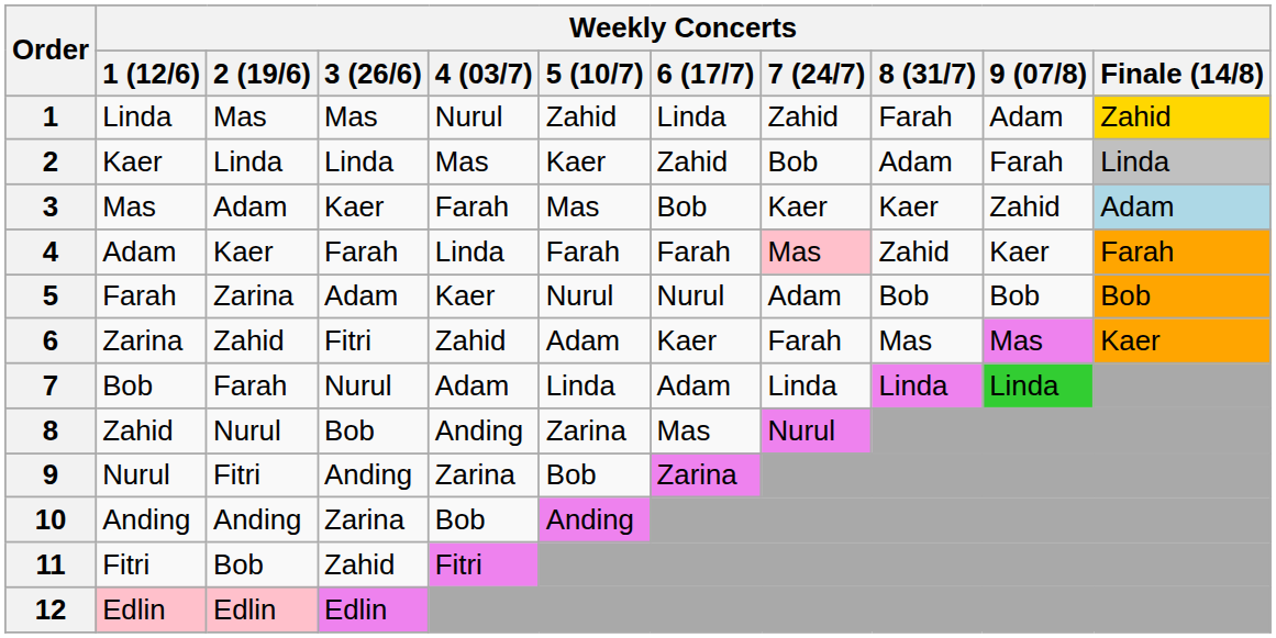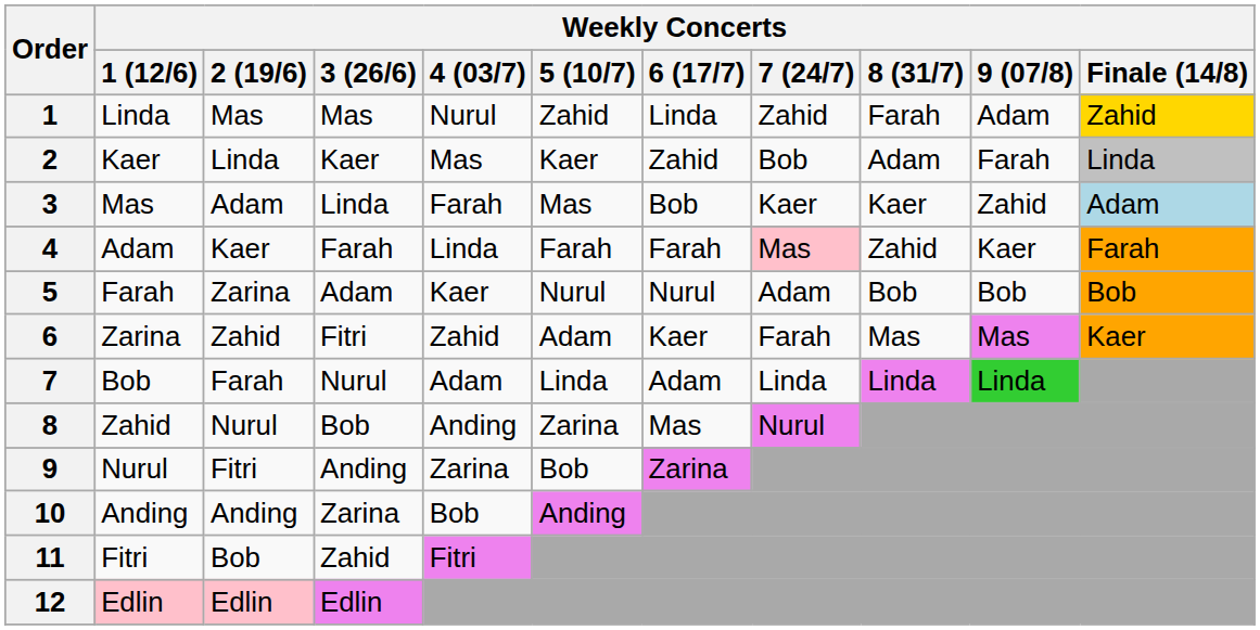 <table class="wikitable" style="font-size:90%;">
 <tr>
 <th rowspan="2">Order</th>
 <th colspan="11">Weekly Concerts</th>
 </tr>
 <tr>
 <th>1 (12/6)</th>
 <th>2 (19/6)</th>
 <th>3 (26/6)</th>
 <th>4 (03/7)</th>
 <th>5 (10/7)</th>
 <th>6 (17/7)</th>
 <th>7 (24/7)</th>
 <th>8 (31/7)</th>
 <th>9 (07/8)</th>
 <th>Finale (14/8)</th>
 </tr>
 <tr>
 <th>1</th>
 <td>Linda</td>
 <td>Mas</td>
 <td>Mas</td>
 <td>Nurul</td>
 <td>Zahid</td>
 <td>Linda</td>
 <td>Zahid</td>
 <td>Farah</td>
 <td>Adam</td>
 <td Adira bgcolor="gold">Zahid</td>
 </tr>
 <tr>
 <th>2</th>
 <td>Kaer</td>
 <td>Linda</td>
-<td>Linda</td>
+<td>Kaer</td>
 <td>Mas</td>
 <td>Kaer</td>
 <td>Zahid</td>
 <td>Bob</td>
 <td>Adam</td>
 <td>Farah</td>
 <td bgcolor="silver">Linda</td>
 </tr>
 <tr>
 <th>3</th>
 <td>Mas</td>
 <td>Adam</td>
-<td>Kaer</td>
+<td>Linda</td>
 <td>Farah</td>
 <td>Mas</td>
 <td>Bob</td>
 <td>Kaer</td>
 <td>Kaer</td>
 <td>Zahid</td>
 <td bgcolor="lightblue">Adam</td>
 </tr>
 <tr>
 <th>4</th>
 <td>Adam</td>
 <td>Kaer</td>
 <td>Farah</td>
 <td>Linda</td>
 <td>Farah</td>
 <td>Farah</td>
 <td style="background: pink;">Mas</td>
 <td>Zahid</td>
 <td>Kaer</td>
 <td bgcolor="orange">Farah</td>
 </tr>
 <tr>
 <th>5</th>
 <td>Farah</td>
 <td>Zarina</td>
 <td>Adam</td>
 <td>Kaer</td>
 <td>Nurul</td>
 <td>Nurul</td>
 <td>Adam</td>
 <td>Bob</td>
 <td>Bob</td>
 <td bgcolor="orange">Bob</td>
 </tr>
 <tr>
 <th>6</th>
 <td>Zarina</td>
 <td>Zahid</td>
 <td>Fitri</td>
 <td>Zahid</td>
 <td>Adam</td>
 <td>Kaer</td>
 <td>Farah</td>
 <td>Mas</td>
 <td bgcolor="violet">Mas</td>
 <td bgcolor="orange">Kaer</td>
 </tr>
 <tr>
 <th>7</th>
 <td>Bob</td>
 <td>Farah</td>
 <td>Nurul</td>
 <td>Adam</td>
 <td>Linda</td>
 <td>Adam</td>
 <td>Linda</td>
 <td bgcolor="violet">Linda</td>
 <td bgcolor="limegreen">Linda</td>
 <td bgcolor="darkgray" colspan=5></td>
 </tr>
 <tr>
 <th>8</th>
 <td>Zahid</td>
 <td>Nurul</td>
 <td>Bob</td>
 <td>Anding</td>
 <td>Zarina</td>
 <td>Mas</td>
 <td bgcolor="violet">Nurul</td>
 <td bgcolor="darkgray" colspan=6></td>
 </tr>
 <tr>
 <th>9</th>
 <td>Nurul</td>
 <td>Fitri</td>
 <td>Anding</td>
 <td>Zarina</td>
 <td>Bob</td>
 <td bgcolor="violet">Zarina</td>
 <td bgcolor="darkgray" colspan=7></td>
 </tr>
 <tr>
 <th>10</th>
 <td>Anding</td>
 <td>Anding</td>
 <td>Zarina</td>
 <td>Bob</td>
 <td bgcolor="violet">Anding</td>
 <td bgcolor="darkgray" colspan=8></td>
 </tr>
 <tr>
 <th>11</th>
 <td>Fitri</td>
 <td>Bob</td>
 <td>Zahid</td>
 <td bgcolor="violet">Fitri</td>
 <td bgcolor="darkgray" colspan=9></td>
 </tr>
 <tr>
 <th>12</th>
 <td bgcolor="pink">Edlin</td>
 <td bgcolor="pink">Edlin</td>
 <td bgcolor="violet">Edlin</td>
 <td bgcolor="darkgray" colspan=10></td>
 </tr>
 </table>
